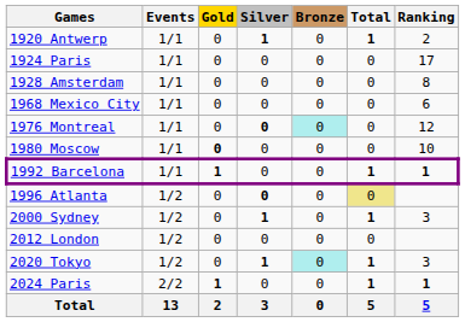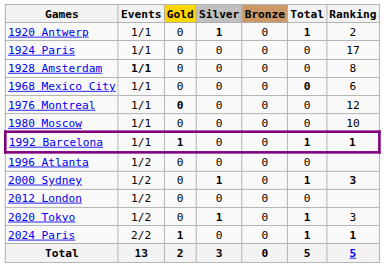 <table class="wikitable sortable" style="text-align:center">
 <tr>
 <th>Games</th>
 <th>Events</th>
 <th style="background-color:gold;">Gold</th>
 <th style="background-color:silver;">Silver</th>
 <th style="background-color:#c96;">Bronze</th>
 <th>Total</th>
 <th>Ranking</th>
 </tr>
 <tr>
 <td align="left"> <a href='#'>1920 Antwerp</a></td>
 <td>1/1</td>
 <td>0</td>
 <td><strong>1</strong></td>
 <td>0</td>
 <td><strong>1</strong></td>
 <td>2</td>
 </tr>
 <tr>
 <td align="left"> <a href='#'>1924 Paris</a></td>
 <td>1/1</td>
 <td>0</td>
 <td>0</td>
 <td>0</td>
 <td>0</td>
 <td>17</td>
 </tr>
 <tr>
 <td align="left"> <a href='#'>1928 Amsterdam</a></td>
-<td>1/1</td>
+<td><strong>1/1</strong></td>
 <td>0</td>
 <td>0</td>
 <td>0</td>
 <td>0</td>
 <td>8</td>
 </tr>
 <tr>
 <td align="left"> <a href='#'>1968 Mexico City</a></td>
 <td>1/1</td>
 <td>0</td>
 <td>0</td>
 <td>0</td>
-<td>0</td>
+<td><strong>0</strong></td>
 <td>6</td>
 </tr>
 <tr>
 <td align="left"> <a href='#'>1976 Montreal</a></td>
 <td>1/1</td>
+<td><strong>0</strong></td>
 <td>0</td>
-<td><strong>0</strong></td>
-<td style="background: paleturquoise;">0</td>
+<td>0</td>
 <td>0</td>
 <td>12</td>
 </tr>
 <tr>
 <td align="left"> <a href='#'>1980 Moscow</a></td>
 <td>1/1</td>
-<td><strong>0</strong></td>
+<td>0</td>
 <td>0</td>
 <td>0</td>
 <td>0</td>
 <td>10</td>
 </tr>
 <tr>
 </tr>
 <tr align=center style="border: 3px solid purple">
 <td align=left> <a href='#'>1992 Barcelona</a></td>
 <td>1/1</td>
 <td><strong>1</strong></td>
 <td>0</td>
 <td>0</td>
 <td><strong>1</strong></td>
 <td><strong>1</strong></td>
 </tr>
 <tr>
 <td align=left> <a href='#'>1996 Atlanta</a></td>
 <td>1/2</td>
 <td>0</td>
-<td><strong>0</strong></td>
 <td>0</td>
-<td style="background: khaki;">0</td>
+<td>0</td>
+<td>0</td>
 <td></td>
 </tr>
 <tr>
 <td align=left> <a href='#'>2000 Sydney</a></td>
 <td>1/2</td>
 <td>0</td>
 <td><strong>1</strong></td>
 <td>0</td>
 <td><strong>1</strong></td>
-<td>3</td>
+<td><strong>3</strong></td>
 </tr>
 <tr>
 <td align="left"> <a href='#'>2012 London</a></td>
 <td>1/2</td>
 <td>0</td>
 <td>0</td>
 <td>0</td>
 <td>0</td>
 <td></td>
 </tr>
 <tr>
 <td align="left">  <a href='#'>2020 Tokyo</a></td>
 <td>1/2</td>
 <td>0</td>
 <td><strong>1</strong></td>
-<td style="background: paleturquoise;">0</td>
+<td>0</td>
 <td><strong>1</strong></td>
 <td>3</td>
 </tr>
 <tr>
 <td align="left"> <a href='#'>2024 Paris</a></td>
 <td>2/2</td>
 <td><strong>1</strong></td>
 <td>0</td>
 <td>0</td>
 <td><strong>1</strong></td>
 <td><strong>1</strong></td>
 </tr>
 <tr>
 <th>Total</th>
 <th>13</th>
 <th>2</th>
 <th>3</th>
 <th>0</th>
 <th>5</th>
 <th><a href='#'>5</a></th>
 </tr>
 </table>
